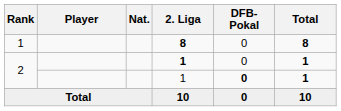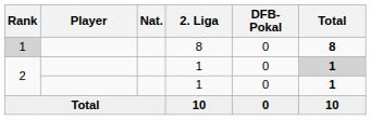 <table class="wikitable sortable nowrap" style="text-align:center;">
 <tr>
 <th>Rank</th>
 <th width=120>Player</th>
 <th>Nat.</th>
 <th width=80>2. Liga</th>
 <th width=80>DFB-Pokal</th>
 <th width=80>Total</th>
 </tr>
 <tr>
-<td>1</td>
+<td style="background: lightgrey;">1</td>
 <td align="left"></td>
 <td></td>
-<td><strong>8</strong></td>
+<td>8</td>
 <td>0</td>
 <td><strong>8</strong></td>
 </tr>
 <tr>
 <td rowspan="2">2</td>
 <td align="left"></td>
 <td></td>
-<td><strong>1</strong></td>
+<td>1</td>
 <td>0</td>
-<td><strong>1</strong></td>
+<td style="background: lightgrey;"><strong>1</strong></td>
 </tr>
 <tr>
 <td align="left"></td>
 <td></td>
 <td>1</td>
-<td><strong>0</strong></td>
+<td>0</td>
 <td><strong>1</strong></td>
 </tr>
 <tr style=font-weight:bold;background:#efefef>
 <td colspan="3">Total</td>
 <td>10</td>
 <td>0</td>
 <td>10</td>
 </tr>
 </table>
